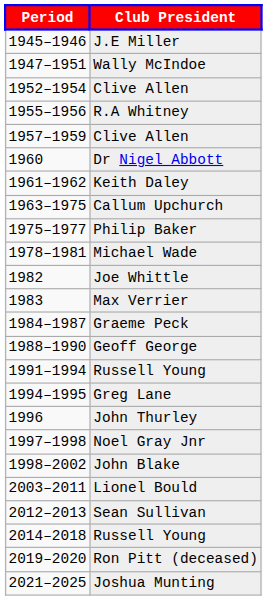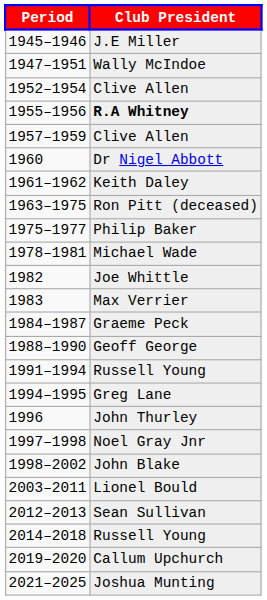 <table class="wikitable sortable">
 <tr>
 <th style="background:#FF0000; color:#FFFFFF; border:2px solid #0000FF;" scope="col">Period</th>
 <th style="background:#FF0000; color:#FFFFFF; border:2px solid #0000FF;" scope="col">Club President</th>
 </tr>
 <tr>
 <td>1945–1946</td>
 <td style="background:#efefef;"> J.E Miller</td>
 </tr>
 <tr>
 <td>1947–1951</td>
 <td style="background:#efefef;"> Wally McIndoe</td>
 </tr>
 <tr>
 <td>1952–1954</td>
 <td style="background:#efefef;"> Clive Allen</td>
 </tr>
 <tr>
 <td>1955–1956</td>
-<td style="background:#efefef;"> R.A Whitney</td>
+<td style="background:#efefef;"><strong> R.A Whitney</strong></td>
 </tr>
 <tr>
 <td>1957–1959</td>
 <td style="background:#efefef;"> Clive Allen</td>
 </tr>
 <tr>
 <td>1960</td>
 <td style="background:#efefef;"> Dr <a href='#'>Nigel Abbott</a></td>
 </tr>
 <tr>
 <td>1961–1962</td>
 <td style="background:#efefef;"> Keith Daley</td>
 </tr>
 <tr>
 <td>1963–1975</td>
-<td style="background:#efefef;"> Callum Upchurch</td>
+<td style="background:#efefef;"> Ron Pitt (deceased)</td>
 </tr>
 <tr>
 <td>1975–1977</td>
 <td style="background:#efefef;"> Philip Baker</td>
 </tr>
 <tr>
 <td>1978–1981</td>
 <td style="background:#efefef;"> Michael Wade</td>
 </tr>
 <tr>
 <td>1982</td>
 <td style="background:#efefef;"> Joe Whittle</td>
 </tr>
 <tr>
 <td>1983</td>
 <td style="background:#efefef;"> Max Verrier</td>
 </tr>
 <tr>
 <td>1984–1987</td>
 <td style="background:#efefef;"> Graeme Peck</td>
 </tr>
 <tr>
 <td>1988–1990</td>
 <td style="background:#efefef;"> Geoff George</td>
 </tr>
 <tr>
 <td>1991–1994</td>
 <td style="background:#efefef;"> Russell Young</td>
 </tr>
 <tr>
 <td>1994–1995</td>
 <td style="background:#efefef;"> Greg Lane</td>
 </tr>
 <tr>
 <td>1996</td>
 <td style="background:#efefef;"> John Thurley</td>
 </tr>
 <tr>
 <td>1997–1998</td>
 <td style="background:#efefef;"> Noel Gray Jnr</td>
 </tr>
 <tr>
 <td>1998–2002</td>
 <td style="background:#efefef;"> John Blake</td>
 </tr>
 <tr>
 <td>2003–2011</td>
 <td style="background:#efefef;"> Lionel Bould</td>
 </tr>
 <tr>
 <td>2012–2013</td>
 <td style="background:#efefef;"> Sean Sullivan</td>
 </tr>
 <tr>
 <td>2014–2018</td>
 <td style="background:#efefef;"> Russell Young</td>
 </tr>
 <tr>
 <td>2019–2020</td>
-<td style="background:#efefef;"> Ron Pitt (deceased)</td>
+<td style="background:#efefef;"> Callum Upchurch</td>
 </tr>
 <tr>
 <td>2021–2025</td>
 <td style="background:#efefef;"> Joshua Munting</td>
 </tr>
 </table>
